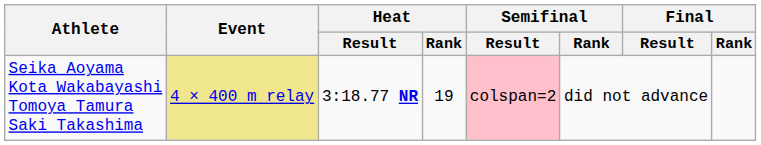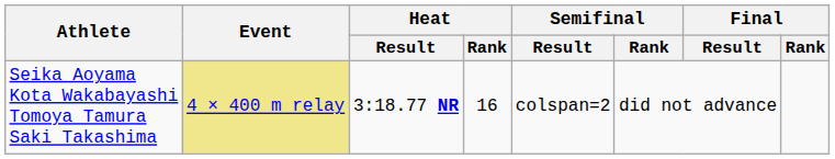 <table class="wikitable" style="font-size:90%">
 <tr>
 <th rowspan="2">Athlete</th>
 <th rowspan="2">Event</th>
 <th colspan="2">Heat</th>
 <th colspan="2">Semifinal</th>
 <th colspan="2">Final</th>
 </tr>
 <tr style="font-size:95%">
 <th>Result</th>
 <th>Rank</th>
 <th>Result</th>
 <th>Rank</th>
 <th>Result</th>
 <th>Rank</th>
 </tr>
 <tr align=center>
 <td align=left><a href='#'>Seika Aoyama</a> <br> <a href='#'>Kota Wakabayashi</a> <br> <a href='#'>Tomoya Tamura</a><br> <a href='#'>Saki Takashima</a></td>
 <td align=left style="background: khaki;"><a href='#'>4 × 400 m relay</a></td>
 <td>3:18.77 <strong><a href='#'>NR</a></strong></td>
-<td>19</td>
-<td style="background: pink;">colspan=2 </td>
+<td>16</td>
+<td>colspan=2 </td>
 <td colspan="2">did not advance</td>
 </tr>
 </table>
